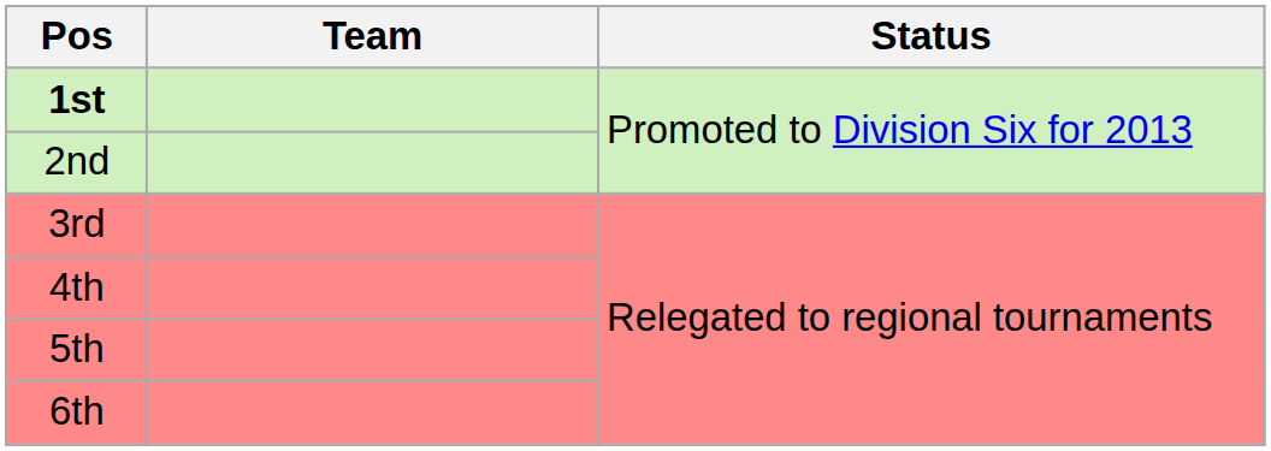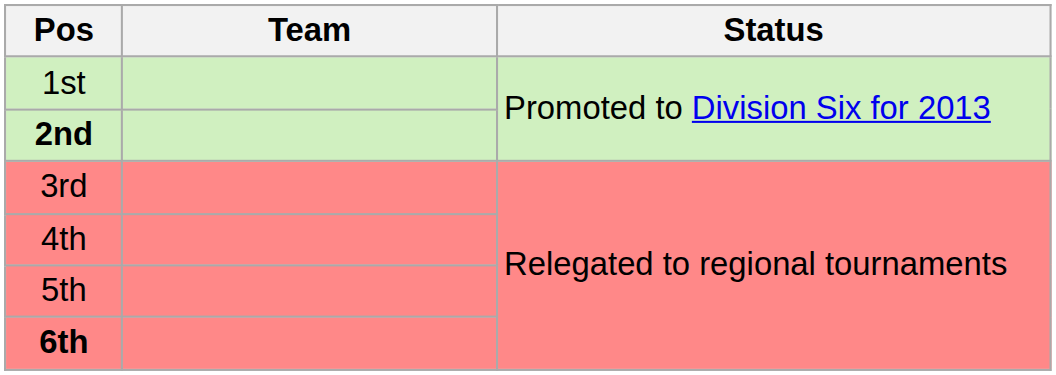 <table class="wikitable">
 <tr>
 <th width=50>Pos</th>
 <th width=175>Team</th>
 <th width=263>Status</th>
 </tr>
 <tr style="background:#D0F0C0">
-<td align="center"><strong>1st</strong></td>
+<td align="center">1st</td>
 <td></td>
 <td rowspan=2>Promoted to <a href='#'>Division Six for 2013</a></td>
 </tr>
 <tr style="background:#D0F0C0">
-<td align="center">2nd</td>
+<td align="center"><strong>2nd</strong></td>
 <td></td>
 </tr>
 <tr style="background: #FF8888;">
 <td align="center">3rd</td>
 <td></td>
 <td rowspan=4>Relegated to regional tournaments</td>
 </tr>
 <tr style="background: #FF8888;">
 <td align="center">4th</td>
 <td></td>
 </tr>
 <tr style="background:#FF8888;">
 <td align="center">5th</td>
 <td></td>
 </tr>
 <tr style="background:#FF8888;">
-<td align="center">6th</td>
+<td align="center"><strong>6th</strong></td>
 <td></td>
 </tr>
 </table>
